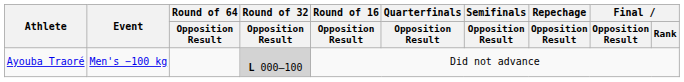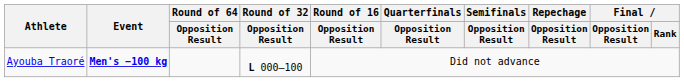 <table class="wikitable" style="font-size:90%">
 <tr>
 <th rowspan="2">Athlete</th>
 <th rowspan="2">Event</th>
 <th>Round of 64</th>
 <th>Round of 32</th>
 <th>Round of 16</th>
 <th>Quarterfinals</th>
 <th>Semifinals</th>
 <th>Repechage</th>
 <th colspan=2>Final / </th>
 </tr>
 <tr style="font-size:95%">
 <th>Opposition<br>Result</th>
 <th>Opposition<br>Result</th>
 <th>Opposition<br>Result</th>
 <th>Opposition<br>Result</th>
 <th>Opposition<br>Result</th>
 <th>Opposition<br>Result</th>
 <th>Opposition<br>Result</th>
 <th>Rank</th>
 </tr>
 <tr align=center>
 <td align=left><a href='#'>Ayouba Traoré</a></td>
-<td align=left><a href='#'>Men's −100 kg</a></td>
+<td align=left><strong><a href='#'>Men's −100 kg</a></strong></td>
 <td></td>
-<td style="background: lightgrey;"><br><strong>L</strong> 000–100</td>
+<td><br><strong>L</strong> 000–100</td>
 <td colspan=6>Did not advance</td>
 </tr>
 </table>
